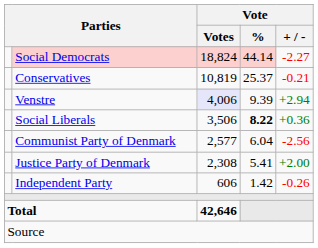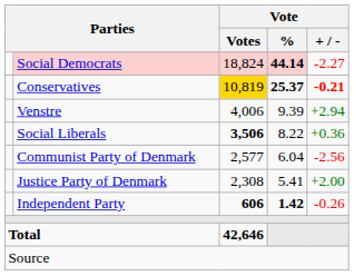 <table class="wikitable" style="text-align:right;">
 <tr>
 <th style="text-align:centre;" rowspan="2" colspan="2" width="225">Parties</th>
 <th colspan="3">Vote</th>
 </tr>
 <tr>
 <th width="15">Votes</th>
 <th width="15">%</th>
 <th width="15">+ / -</th>
 </tr>
 <tr>
 <td width="2" style="color:inherit;background:"></td>
 <td bgcolor=#fbd0ce  align="left"><a href='#'>Social Democrats</a></td>
 <td bgcolor=#fbd0ce>18,824</td>
-<td bgcolor=#fbd0ce>44.14</td>
+<td bgcolor=#fbd0ce><strong>44.14</strong></td>
 <td style=color:red;>-2.27</td>
 </tr>
 <tr>
 <td width="2" style="color:inherit;background:"></td>
 <td align="left"><a href='#'>Conservatives</a></td>
-<td>10,819</td>
-<td>25.37</td>
-<td style=color:red;>-0.21</td>
+<td style="background: gold;">10,819</td>
+<td><strong>25.37</strong></td>
+<td style=color:red;><strong>-0.21</strong></td>
 </tr>
 <tr>
 <td width="2" style="color:inherit;background:"></td>
 <td align="left"><a href='#'>Venstre</a></td>
-<td style="background: lavender;">4,006</td>
+<td>4,006</td>
 <td>9.39</td>
 <td style=color:green;>+2.94</td>
 </tr>
 <tr>
 <td width="2" style="color:inherit;background:"></td>
 <td align="left"><a href='#'>Social Liberals</a></td>
-<td>3,506</td>
-<td><strong>8.22</strong></td>
+<td><strong>3,506</strong></td>
+<td>8.22</td>
 <td style=color:green;>+0.36</td>
 </tr>
 <tr>
 <td width="2" style="color:inherit;background:"></td>
 <td align="left"><a href='#'>Communist Party of Denmark</a></td>
 <td>2,577</td>
 <td>6.04</td>
 <td style=color:red;>-2.56</td>
 </tr>
 <tr>
 <td width="2" style="color:inherit;background:"></td>
 <td align="left"><a href='#'>Justice Party of Denmark</a></td>
 <td>2,308</td>
 <td>5.41</td>
 <td style=color:green;>+2.00</td>
 </tr>
 <tr>
 <td width="2" style="color:inherit;background:"></td>
 <td align="left"><a href='#'>Independent Party</a></td>
-<td>606</td>
-<td>1.42</td>
+<td><strong>606</strong></td>
+<td><strong>1.42</strong></td>
 <td style=color:red;>-0.26</td>
 </tr>
 <tr>
 <td colspan="7" bgcolor="#E9E9E9"></td>
 </tr>
 <tr>
 <td align="left" colspan="2"><strong>Total</strong></td>
 <td><strong>42,646</strong></td>
 <td bgcolor="#E9E9E9" colspan="2"></td>
 </tr>
 <tr>
 <td align="left" colspan="6">Source</td>
 </tr>
 </table>
